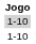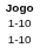 <table>
 <tr>
 <th width=125></th>
 <th width=auto>Jogo</th>
 <th width=125></th>
 </tr>
 <tr>
 <td align=right></td>
-<td align=center style="background: lightgrey;">1-10</td>
+<td align=center>1-10</td>
 <td align=left><strong></strong></td>
 </tr>
 <tr>
 <td align=right></td>
 <td align=center>1-10</td>
 <td align=left><strong></strong></td>
 </tr>
 </table>
